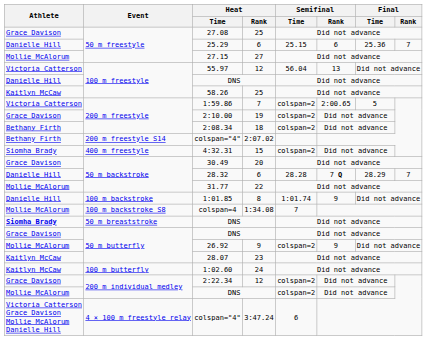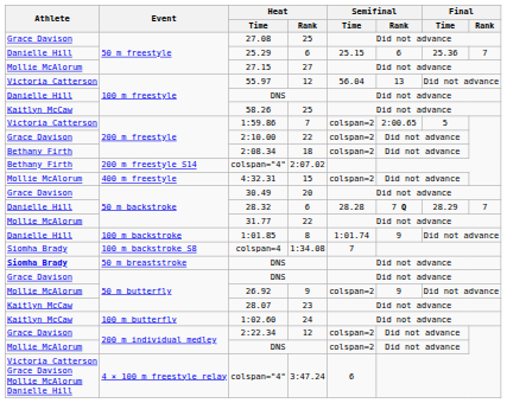 <table class=wikitable style=font-size:90%>
 <tr>
 <th rowspan=2>Athlete</th>
 <th rowspan=2>Event</th>
 <th colspan=2>Heat</th>
 <th colspan=2>Semifinal</th>
 <th colspan=2>Final</th>
 </tr>
 <tr style=font-size:95%>
 <th>Time</th>
 <th>Rank</th>
 <th>Time</th>
 <th>Rank</th>
 <th>Time</th>
 <th>Rank</th>
 </tr>
 <tr align=center>
 <td align=left><a href='#'>Grace Davison</a></td>
 <td align=left rowspan="3"><a href='#'>50 m freestyle</a></td>
 <td>27.08</td>
 <td>25</td>
 <td colspan="4">Did not advance</td>
 </tr>
 <tr align=center>
 <td align=left><a href='#'>Danielle Hill</a></td>
 <td>25.29</td>
 <td>6</td>
 <td>25.15</td>
 <td>6</td>
 <td>25.36</td>
 <td>7</td>
 </tr>
 <tr align=center>
 <td align=left><a href='#'>Mollie McAlorum</a></td>
 <td>27.15</td>
 <td>27</td>
 <td colspan="4">Did not advance</td>
 </tr>
 <tr align=center>
 <td align=left><a href='#'>Victoria Catterson</a></td>
 <td align=left rowspan="3"><a href='#'>100 m freestyle</a></td>
 <td>55.97</td>
 <td>12</td>
 <td>56.04</td>
 <td>13</td>
 <td colspan=2>Did not advance</td>
 </tr>
 <tr align=center>
 <td align=left><a href='#'>Danielle Hill</a></td>
 <td colspan=2>DNS</td>
 <td colspan="4">Did not advance</td>
 </tr>
 <tr align=center>
 <td align=left><a href='#'>Kaitlyn McCaw</a></td>
 <td>58.26</td>
 <td>25</td>
 <td colspan="4">Did not advance</td>
 </tr>
 <tr align=center>
 <td align=left><a href='#'>Victoria Catterson</a></td>
 <td align=left rowspan="3"><a href='#'>200 m freestyle</a></td>
 <td>1:59.86</td>
 <td>7</td>
 <td>colspan=2 </td>
 <td>2:00.65</td>
 <td>5</td>
 </tr>
 <tr align=center>
 <td align=left><a href='#'>Grace Davison</a></td>
 <td>2:10.00</td>
-<td>19</td>
+<td>22</td>
 <td>colspan=2 </td>
 <td colspan=2>Did not advance</td>
 </tr>
 <tr align=center>
 <td align=left><a href='#'>Bethany Firth</a></td>
 <td>2:08.34</td>
 <td>18</td>
 <td>colspan=2 </td>
 <td colspan=2>Did not advance</td>
 </tr>
 <tr align=center>
 <td align=left><a href='#'>Bethany Firth</a></td>
 <td align=left><a href='#'>200 m freestyle S14</a></td>
 <td>colspan="4" </td>
 <td>2:07.02</td>
 <td></td>
 </tr>
 <tr align=center>
-<td align=left><a href='#'>Siomha Brady</a></td>
+<td align=left><a href='#'>Mollie McAlorum</a></td>
 <td align=left rowspan="1"><a href='#'>400 m freestyle</a></td>
 <td>4:32.31</td>
 <td>15</td>
 <td>colspan=2 </td>
 <td colspan=2>Did not advance</td>
 </tr>
 <tr align=center>
 <td align=left><a href='#'>Grace Davison</a></td>
 <td align=left rowspan="3"><a href='#'>50 m backstroke</a></td>
 <td>30.49</td>
 <td>20</td>
 <td colspan="4">Did not advance</td>
 </tr>
 <tr align=center>
 <td align=left><a href='#'>Danielle Hill</a></td>
 <td>28.32</td>
 <td>6</td>
 <td>28.28</td>
 <td>7 <strong>Q</strong></td>
 <td>28.29</td>
 <td>7</td>
 </tr>
 <tr align=center>
 <td align=left><a href='#'>Mollie McAlorum</a></td>
 <td>31.77</td>
 <td>22</td>
 <td colspan="4">Did not advance</td>
 </tr>
 <tr align=center>
 <td align=left><a href='#'>Danielle Hill</a></td>
 <td align=left rowspan="1"><a href='#'>100 m backstroke</a></td>
 <td>1:01.85</td>
 <td>8</td>
 <td>1:01.74</td>
 <td>9</td>
 <td colspan=2>Did not advance</td>
 </tr>
 <tr align=center>
-<td align=left><a href='#'>Mollie McAlorum</a></td>
+<td align=left><a href='#'>Siomha Brady</a></td>
 <td align=left rowspan="1"><a href='#'>100 m backstroke S8</a></td>
 <td>colspan=4 </td>
 <td>1:34.08</td>
 <td>7</td>
 </tr>
 <tr align=center>
 <td align=left><strong><a href='#'>Siomha Brady</a></strong></td>
 <td align=left rowspan="1"><a href='#'>50 m breaststroke</a></td>
 <td colspan=2>DNS</td>
 <td colspan=4>Did not advance</td>
 </tr>
 <tr align=center>
 <td align=left><a href='#'>Grace Davison</a></td>
 <td align=left rowspan="3"><a href='#'>50 m butterfly</a></td>
 <td colspan=2>DNS</td>
 <td colspan=4>Did not advance</td>
 </tr>
 <tr align=center>
 <td align=left><a href='#'>Mollie McAlorum</a></td>
 <td>26.92</td>
 <td>9</td>
 <td>colspan=2 </td>
 <td>9</td>
 <td colspan="2">Did not advance</td>
 </tr>
 <tr align=center>
 <td align=left><a href='#'>Kaitlyn McCaw</a></td>
 <td>28.07</td>
 <td>23</td>
 <td colspan="4">Did not advance</td>
 </tr>
 <tr align=center>
 <td align=left><a href='#'>Kaitlyn McCaw</a></td>
 <td align=left rowspan="1"><a href='#'>100 m butterfly</a></td>
 <td>1:02.60</td>
 <td>24</td>
 <td colspan="4">Did not advance</td>
 </tr>
 <tr align=center>
 <td align=left><a href='#'>Grace Davison</a></td>
 <td align=left rowspan="2"><a href='#'>200 m individual medley</a></td>
 <td>2:22.34</td>
 <td>12</td>
 <td>colspan=2 </td>
 <td colspan="2">Did not advance</td>
 </tr>
 <tr align=center>
 <td align=left><a href='#'>Mollie McAlorum</a></td>
 <td colspan="2">DNS</td>
 <td>colspan=2 </td>
 <td colspan="2">Did not advance</td>
 </tr>
 <tr align=center>
 <td align=left><a href='#'>Victoria Catterson</a><br><a href='#'>Grace Davison</a><br><a href='#'>Mollie McAlorum</a><br><a href='#'>Danielle Hill</a></td>
 <td align=left><a href='#'>4 × 100 m freestyle relay</a></td>
 <td>colspan="4" </td>
 <td>3:47.24</td>
 <td>6</td>
 </tr>
 </table>
